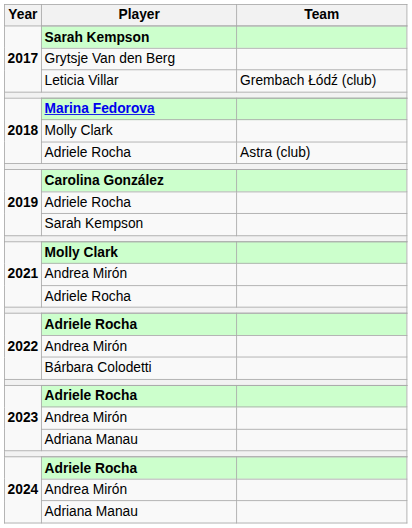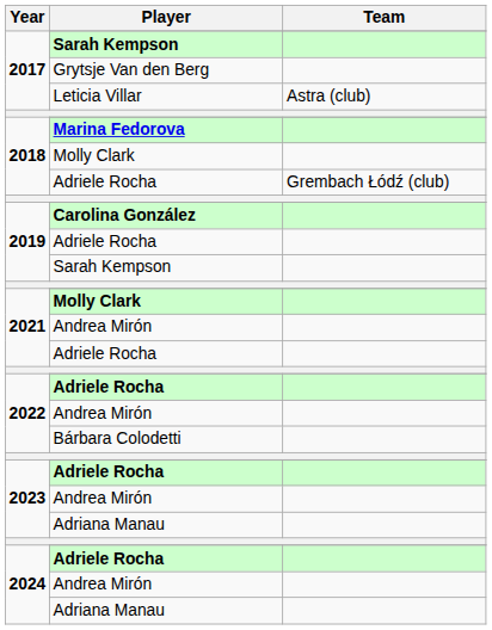 <table class="wikitable">
 <tr>
 <th>Year</th>
 <th width=220>Player</th>
 <th width=190>Team</th>
 </tr>
 <tr>
 <td rowspan="4" style="text-align:center;"><strong>2017</strong></td>
 </tr>
 <tr bgcolor=#ccffcc>
 <td><strong>Sarah Kempson</strong></td>
 <td><strong></strong></td>
 </tr>
 <tr>
 <td>Grytsje Van den Berg</td>
 <td></td>
 </tr>
 <tr>
 <td>Leticia Villar</td>
-<td> Grembach Łódź (club)</td>
+<td> Astra (club)</td>
 </tr>
 <tr>
 <th colspan=3></th>
 </tr>
 <tr>
 <td rowspan="4" style="text-align:center;"><strong>2018</strong></td>
 </tr>
 <tr bgcolor=#ccffcc>
 <td><strong><a href='#'>Marina Fedorova</a></strong></td>
 <td><strong></strong></td>
 </tr>
 <tr>
 <td>Molly Clark</td>
 <td></td>
 </tr>
 <tr>
 <td>Adriele Rocha</td>
-<td> Astra (club)</td>
+<td> Grembach Łódź (club)</td>
 </tr>
 <tr>
 <th colspan=3></th>
 </tr>
 <tr>
 <td rowspan="4" style="text-align:center;"><strong>2019</strong></td>
 </tr>
 <tr bgcolor=#ccffcc>
 <td><strong>Carolina González</strong></td>
 <td><strong></strong></td>
 </tr>
 <tr>
 <td>Adriele Rocha</td>
 <td></td>
 </tr>
 <tr>
 <td>Sarah Kempson</td>
 <td></td>
 </tr>
 <tr>
 <th colspan=3></th>
 </tr>
 <tr>
 <td rowspan="4" style="text-align:center;"><strong>2021</strong></td>
 </tr>
 <tr bgcolor=#ccffcc>
 <td><strong>Molly Clark</strong></td>
 <td><strong></strong></td>
 </tr>
 <tr>
 <td>Andrea Mirón</td>
 <td></td>
 </tr>
 <tr>
 <td>Adriele Rocha</td>
 <td></td>
 </tr>
 <tr>
 <th colspan=3></th>
 </tr>
 <tr>
 <td rowspan="4" style="text-align:center;"><strong>2022</strong></td>
 </tr>
 <tr bgcolor=#ccffcc>
 <td><strong>Adriele Rocha</strong></td>
 <td><strong></strong></td>
 </tr>
 <tr>
 <td>Andrea Mirón</td>
 <td></td>
 </tr>
 <tr>
 <td>Bárbara Colodetti</td>
 <td></td>
 </tr>
 <tr>
 <th colspan=3></th>
 </tr>
 <tr>
 <td rowspan="4" style="text-align:center;"><strong>2023</strong></td>
 </tr>
 <tr bgcolor=#ccffcc>
 <td><strong>Adriele Rocha</strong></td>
 <td><strong></strong></td>
 </tr>
 <tr>
 <td>Andrea Mirón</td>
 <td></td>
 </tr>
 <tr>
 <td>Adriana Manau</td>
 <td></td>
 </tr>
 <tr>
 <th colspan=3></th>
 </tr>
 <tr>
 <td rowspan="4" style="text-align:center;"><strong>2024</strong></td>
 </tr>
 <tr bgcolor=#ccffcc>
 <td><strong>Adriele Rocha</strong></td>
 <td><strong></strong></td>
 </tr>
 <tr>
 <td>Andrea Mirón</td>
 <td></td>
 </tr>
 <tr>
 <td>Adriana Manau</td>
 <td></td>
 </tr>
 </table>
